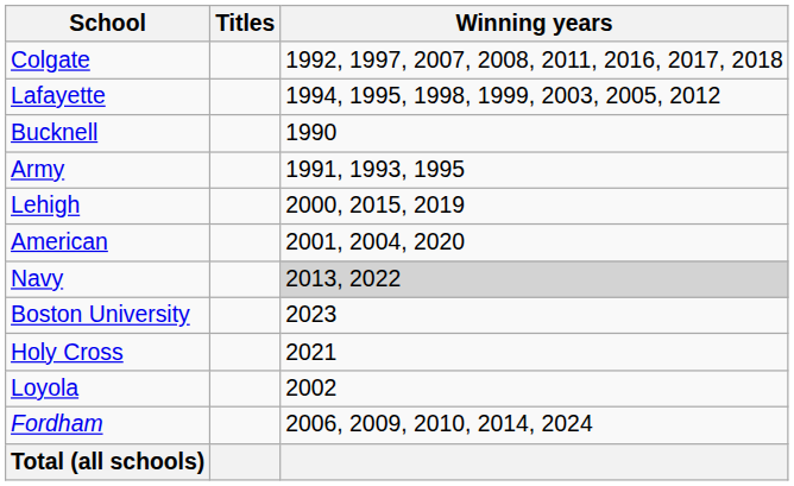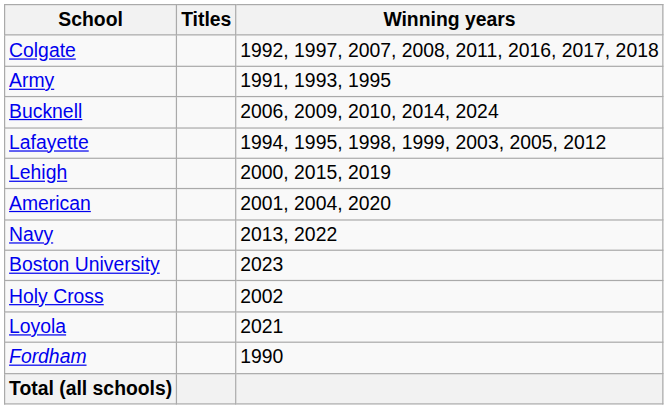 <table class="wikitable">
 <tr>
 <th width=px>School</th>
 <th width=px>Titles</th>
 <th width=px>Winning years</th>
 </tr>
 <tr>
 <td><a href='#'>Colgate</a></td>
 <td></td>
 <td>1992, 1997, 2007, 2008, 2011, 2016, 2017, 2018</td>
 </tr>
 <tr>
-<td><a href='#'>Lafayette</a></td>
+<td><a href='#'>Army</a></td>
 <td></td>
-<td>1994, 1995, 1998, 1999, 2003, 2005, 2012</td>
+<td>1991, 1993, 1995</td>
 </tr>
 <tr>
 <td><a href='#'>Bucknell</a></td>
 <td></td>
-<td>1990</td>
+<td>2006, 2009, 2010, 2014, 2024</td>
 </tr>
 <tr>
-<td><a href='#'>Army</a></td>
+<td><a href='#'>Lafayette</a></td>
 <td></td>
-<td>1991, 1993, 1995</td>
+<td>1994, 1995, 1998, 1999, 2003, 2005, 2012</td>
 </tr>
 <tr>
 <td><a href='#'>Lehigh</a></td>
 <td></td>
 <td>2000, 2015, 2019</td>
 </tr>
 <tr>
 <td><a href='#'>American</a></td>
 <td></td>
 <td>2001, 2004, 2020</td>
 </tr>
 <tr>
 <td><a href='#'>Navy</a></td>
 <td></td>
-<td style="background: lightgrey;">2013, 2022</td>
+<td>2013, 2022</td>
 </tr>
 <tr>
 <td><a href='#'>Boston University</a></td>
 <td></td>
 <td>2023</td>
 </tr>
 <tr>
 <td><a href='#'>Holy Cross</a></td>
 <td></td>
-<td>2021</td>
+<td>2002</td>
 </tr>
 <tr>
 <td><a href='#'>Loyola</a></td>
 <td></td>
-<td>2002</td>
+<td>2021</td>
 </tr>
 <tr>
 <td><em><a href='#'>Fordham</a></em></td>
 <td></td>
-<td>2006, 2009, 2010, 2014, 2024</td>
+<td>1990</td>
 </tr>
 <tr>
 <th>Total (all schools)</th>
 <th></th>
 <th></th>
 </tr>
 </table>
